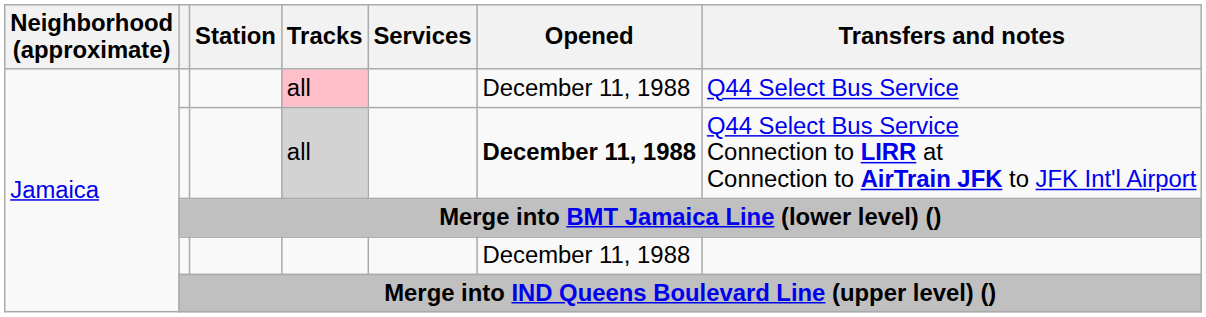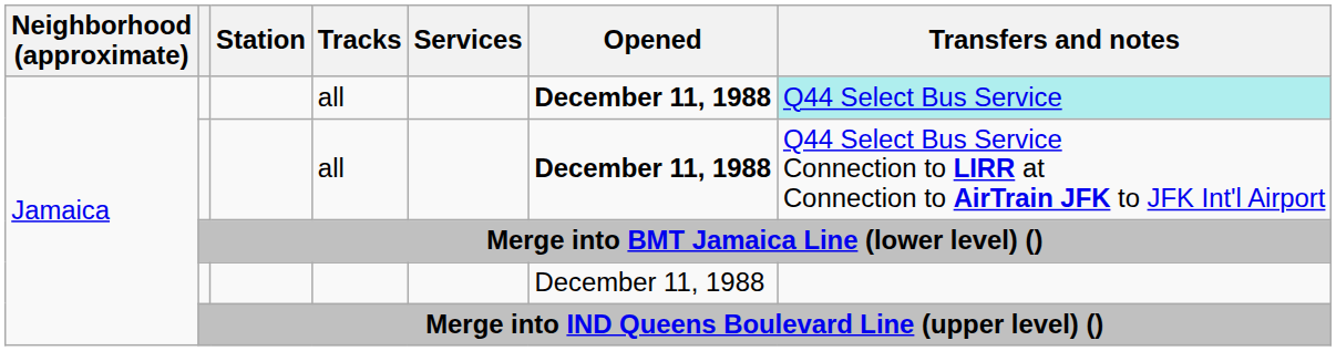 <table class="wikitable">
 <tr>
 <th>Neighborhood <br> (approximate)</th>
 <th></th>
 <th>Station</th>
 <th>Tracks</th>
 <th>Services</th>
 <th>Opened</th>
 <th>Transfers and notes</th>
 </tr>
 <tr>
 <td rowspan=5><a href='#'>Jamaica</a></td>
 <td></td>
 <td></td>
-<td style="background: pink;">all</td>
+<td>all</td>
 <td></td>
-<td>December 11, 1988</td>
-<td><a href='#'>Q44 Select Bus Service</a></td>
+<td><strong>December 11, 1988</strong></td>
+<td style="background: paleturquoise;"><a href='#'>Q44 Select Bus Service</a></td>
 </tr>
 <tr>
 <td></td>
 <td></td>
-<td style="background: lightgrey;">all</td>
+<td>all</td>
 <td></td>
 <td><strong>December 11, 1988</strong></td>
 <td><a href='#'>Q44 Select Bus Service</a><br>Connection to <strong><a href='#'>LIRR</a></strong> at  <br>Connection to  <strong><a href='#'>AirTrain JFK</a></strong>  to <a href='#'>JFK Int'l Airport</a></td>
 </tr>
 <tr>
 <th colspan=6 style="background-color: silver;">Merge into <a href='#'>BMT Jamaica Line</a> (lower level) ()</th>
 </tr>
 <tr>
 <td></td>
 <td></td>
 <td></td>
 <td></td>
 <td>December 11, 1988</td>
 <td></td>
 </tr>
 <tr>
 <th colspan=6 style="background-color: silver;">Merge into <a href='#'>IND Queens Boulevard Line</a> (upper level) ()</th>
 </tr>
 </table>
